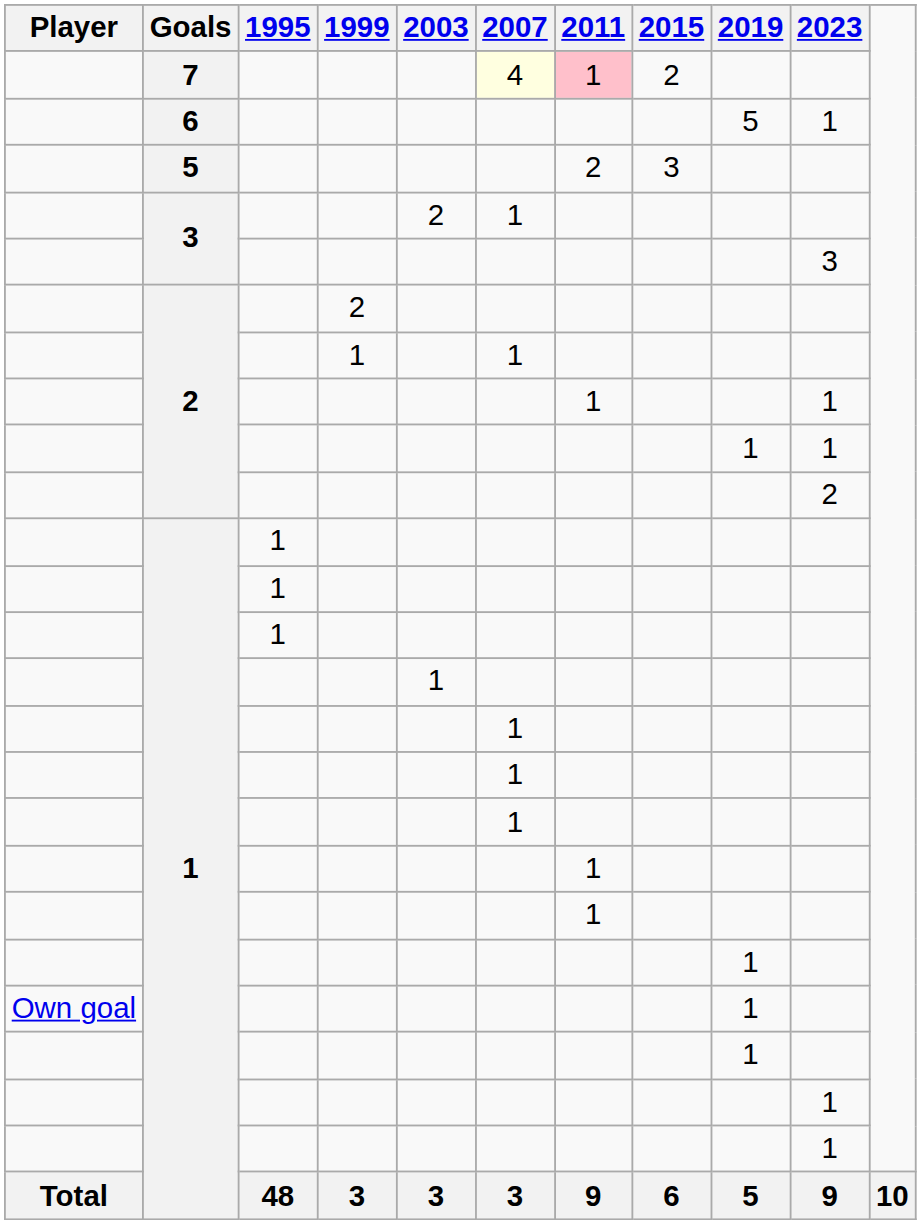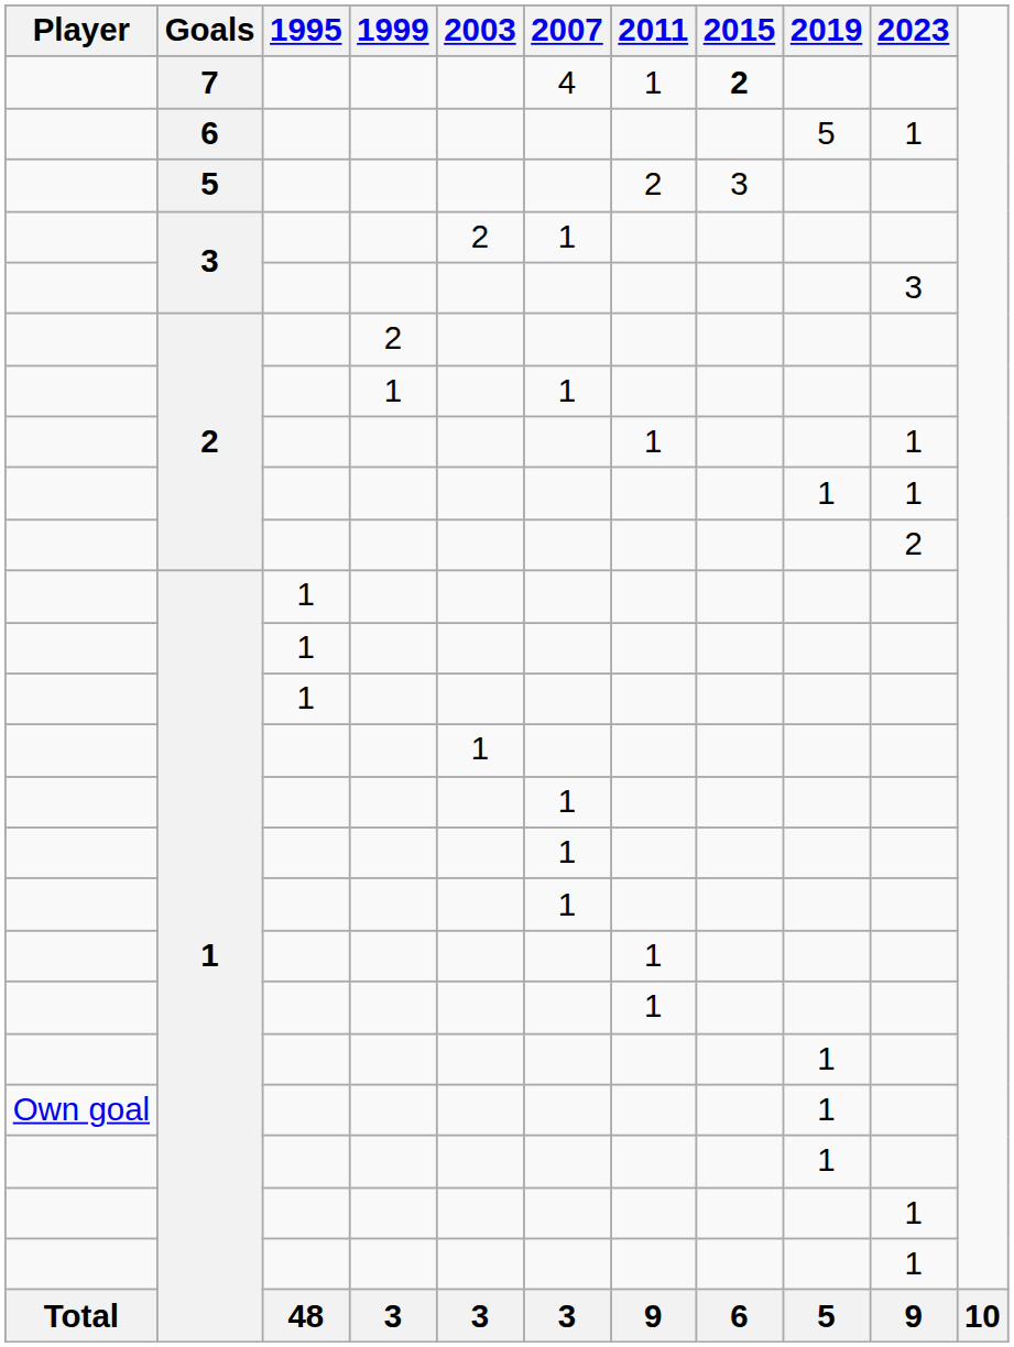 <table class="wikitable sortable" style="text-align:center;">
 <tr>
 <th>Player</th>
 <th>Goals</th>
 <th><a href='#'>1995</a></th>
 <th><a href='#'>1999</a></th>
 <th><a href='#'>2003</a></th>
 <th><a href='#'>2007</a></th>
 <th><a href='#'>2011</a></th>
 <th><a href='#'>2015</a></th>
 <th><a href='#'>2019</a></th>
 <th><a href='#'>2023</a></th>
 </tr>
 <tr>
 <td align="left"></td>
 <th>7</th>
 <td></td>
 <td></td>
 <td></td>
-<td style="background: lightyellow;">4</td>
-<td style="background: pink;">1</td>
-<td>2</td>
+<td>4</td>
+<td>1</td>
+<td><strong>2</strong></td>
 <td></td>
 <td></td>
 </tr>
 <tr>
 <td align="left"></td>
 <th>6</th>
 <td></td>
 <td></td>
 <td></td>
 <td></td>
 <td></td>
 <td></td>
 <td>5</td>
 <td>1</td>
 </tr>
 <tr>
 <td align="left"></td>
 <th>5</th>
 <td></td>
 <td></td>
 <td></td>
 <td></td>
 <td>2</td>
 <td>3</td>
 <td></td>
 <td></td>
 </tr>
 <tr>
 <td align="left"></td>
 <th rowspan="2">3</th>
 <td></td>
 <td></td>
 <td>2</td>
 <td>1</td>
 <td></td>
 <td></td>
 <td></td>
 <td></td>
 </tr>
 <tr>
 <td align="left"></td>
 <td></td>
 <td></td>
 <td></td>
 <td></td>
 <td></td>
 <td></td>
 <td></td>
 <td>3</td>
 </tr>
 <tr>
 <td align="left"></td>
 <th rowspan="5">2</th>
 <td></td>
 <td>2</td>
 <td></td>
 <td></td>
 <td></td>
 <td></td>
 <td></td>
 <td></td>
 </tr>
 <tr>
 <td align="left"></td>
 <td></td>
 <td>1</td>
 <td></td>
 <td>1</td>
 <td></td>
 <td></td>
 <td></td>
 <td></td>
 </tr>
 <tr>
 <td align="left"></td>
 <td></td>
 <td></td>
 <td></td>
 <td></td>
 <td>1</td>
 <td></td>
 <td></td>
 <td>1</td>
 </tr>
 <tr>
 <td align="left"></td>
 <td></td>
 <td></td>
 <td></td>
 <td></td>
 <td></td>
 <td></td>
 <td>1</td>
 <td>1</td>
 </tr>
 <tr>
 <td align="left"></td>
 <td></td>
 <td></td>
 <td></td>
 <td></td>
 <td></td>
 <td></td>
 <td></td>
 <td>2</td>
 </tr>
 <tr>
 <td align="left"></td>
 <th rowspan="15">1</th>
 <td>1</td>
 <td></td>
 <td></td>
 <td></td>
 <td></td>
 <td></td>
 <td></td>
 <td></td>
 </tr>
 <tr>
 <td align="left"></td>
 <td>1</td>
 <td></td>
 <td></td>
 <td></td>
 <td></td>
 <td></td>
 <td></td>
 <td></td>
 </tr>
 <tr>
 <td align="left"></td>
 <td>1</td>
 <td></td>
 <td></td>
 <td></td>
 <td></td>
 <td></td>
 <td></td>
 <td></td>
 </tr>
 <tr>
 <td align="left"></td>
 <td></td>
 <td></td>
 <td>1</td>
 <td></td>
 <td></td>
 <td></td>
 <td></td>
 <td></td>
 </tr>
 <tr>
 <td align="left"></td>
 <td></td>
 <td></td>
 <td></td>
 <td>1</td>
 <td></td>
 <td></td>
 <td></td>
 <td></td>
 </tr>
 <tr>
 <td align="left"></td>
 <td></td>
 <td></td>
 <td></td>
 <td>1</td>
 <td></td>
 <td></td>
 <td></td>
 <td></td>
 </tr>
 <tr>
 <td align="left"></td>
 <td></td>
 <td></td>
 <td></td>
 <td>1</td>
 <td></td>
 <td></td>
 <td></td>
 <td></td>
 </tr>
 <tr>
 <td align="left"></td>
 <td></td>
 <td></td>
 <td></td>
 <td></td>
 <td>1</td>
 <td></td>
 <td></td>
 <td></td>
 </tr>
 <tr>
 <td align="left"></td>
 <td></td>
 <td></td>
 <td></td>
 <td></td>
 <td>1</td>
 <td></td>
 <td></td>
 <td></td>
 </tr>
 <tr>
 <td align="left"></td>
 <td></td>
 <td></td>
 <td></td>
 <td></td>
 <td></td>
 <td></td>
 <td>1</td>
 <td></td>
 </tr>
 <tr>
 <td align="left"><a href='#'>Own goal</a></td>
 <td></td>
 <td></td>
 <td></td>
 <td></td>
 <td></td>
 <td></td>
 <td>1</td>
 <td></td>
 </tr>
 <tr>
 <td align="left"></td>
 <td></td>
 <td></td>
 <td></td>
 <td></td>
 <td></td>
 <td></td>
 <td>1</td>
 <td></td>
 </tr>
 <tr>
 <td align="left"></td>
 <td></td>
 <td></td>
 <td></td>
 <td></td>
 <td></td>
 <td></td>
 <td></td>
 <td>1</td>
 </tr>
 <tr>
 <td align="left"></td>
 <td></td>
 <td></td>
 <td></td>
 <td></td>
 <td></td>
 <td></td>
 <td></td>
 <td>1</td>
 </tr>
 <tr class="sortbottom">
 <th>Total</th>
 <th>48</th>
 <th>3</th>
 <th>3</th>
 <th>3</th>
 <th>9</th>
 <th>6</th>
 <th>5</th>
 <th>9</th>
 <th>10</th>
 </tr>
 </table>
